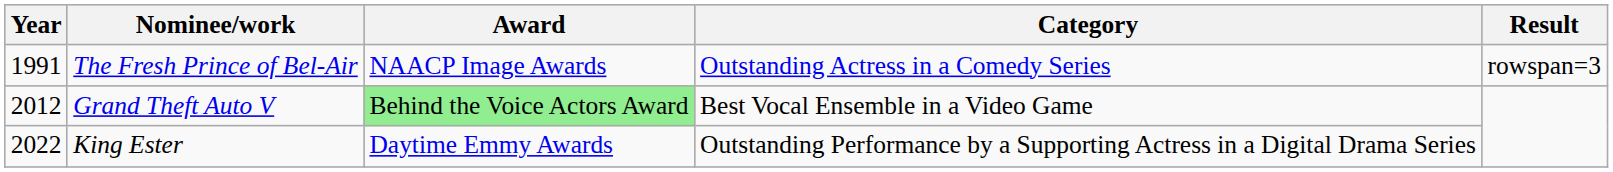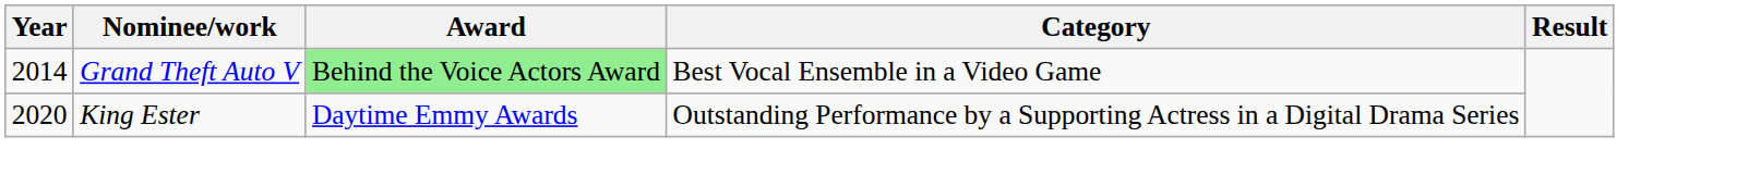 <table class="wikitable plainrowheaders">
 <tr>
 <th>Year</th>
 <th>Nominee/work</th>
 <th>Award</th>
 <th>Category</th>
 <th>Result</th>
 </tr>
 <tr>
-<td>1991</td>
-<td><em><a href='#'>The Fresh Prince of Bel-Air</a></em></td>
-<td><a href='#'>NAACP Image Awards</a></td>
-<td><a href='#'>Outstanding Actress in a Comedy Series</a></td>
-<td>rowspan=3 </td>
-</tr>
-<tr>
-<td>2012</td>
+<td>2014</td>
 <td><em><a href='#'>Grand Theft Auto V</a></em></td>
 <td style="background: lightgreen;">Behind the Voice Actors Award</td>
 <td>Best Vocal Ensemble in a Video Game</td>
 </tr>
 <tr>
-<td>2022</td>
+<td>2020</td>
 <td><em>King Ester</em></td>
 <td><a href='#'>Daytime Emmy Awards</a></td>
 <td>Outstanding Performance by a Supporting Actress in a Digital Drama Series</td>
 </tr>
 </table>
